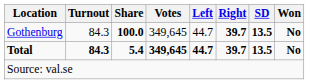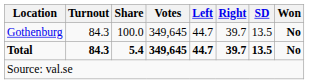 <table class="wikitable sortable" style=text-align:right>
 <tr>
 <th>Location</th>
 <th>Turnout</th>
 <th>Share</th>
 <th>Votes</th>
 <th><a href='#'>Left</a></th>
 <th><a href='#'>Right</a></th>
 <th><a href='#'>SD</a></th>
 <th>Won</th>
 </tr>
 <tr>
 <td align=left><a href='#'>Gothenburg</a></td>
 <td>84.3</td>
-<td><strong>100.0</strong></td>
+<td>100.0</td>
 <td>349,645</td>
 <td>44.7</td>
-<td><strong>39.7</strong></td>
-<td><strong>13.5</strong></td>
+<td>39.7</td>
+<td>13.5</td>
 <td><strong>No</strong></td>
 </tr>
 <tr>
 <td align=left><strong>Total</strong></td>
 <td><strong>84.3</strong></td>
 <td><strong>5.4</strong></td>
 <td><strong>349,645</strong></td>
 <td><strong>44.7</strong></td>
 <td><strong>39.7</strong></td>
 <td><strong>13.5</strong></td>
 <td><strong>No</strong></td>
 </tr>
 <tr>
 <td align=left colspan=8>Source: val.se</td>
 </tr>
 </table>
